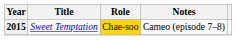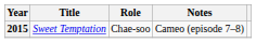 <table class="wikitable sortable plainrowheaders">
 <tr>
 <th scope="col">Year</th>
 <th scope="col">Title</th>
 <th scope="col">Role</th>
 <th scope="col" class="unsortable">Notes</th>
 <th scope="col" class="unsortable"></th>
 </tr>
 <tr>
 <th scope="row">2015</th>
 <td><em><a href='#'>Sweet Temptation</a></em></td>
-<td style="background: gold;">Chae-soo</td>
+<td>Chae-soo</td>
 <td>Cameo (episode 7–8)</td>
 <td></td>
 </tr>
 <tr>
 </tr>
 </table>
